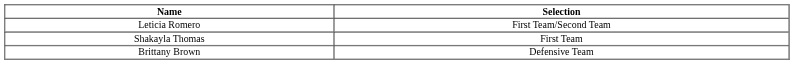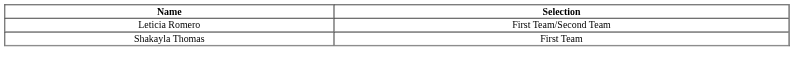 <table cellpadding="1" border="1" cellspacing="0" width="80%">
 <tr>
 <th>Name</th>
 <th>Selection</th>
 </tr>
 <tr align="center">
 <td>Leticia Romero</td>
 <td>First Team/Second Team</td>
 </tr>
 <tr align="center">
 <td>Shakayla Thomas</td>
 <td>First Team</td>
 </tr>
-<tr align="center">
-<td>Brittany Brown</td>
-<td>Defensive Team</td>
-</tr>
 </table>
